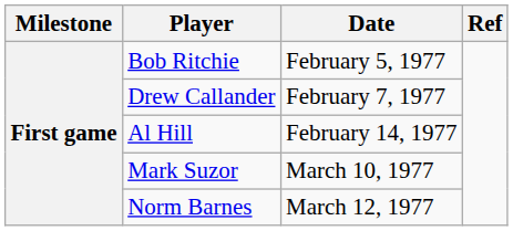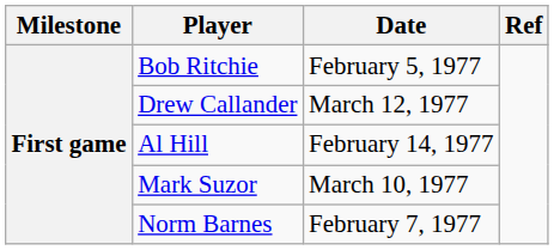 <table class="wikitable">
 <tr>
 <th scope="col">Milestone</th>
 <th scope="col">Player</th>
 <th scope="col">Date</th>
 <th scope="col">Ref</th>
 </tr>
 <tr>
 <th rowspan=5>First game</th>
 <td><a href='#'>Bob Ritchie</a></td>
 <td>February 5, 1977</td>
 <td rowspan=5></td>
 </tr>
 <tr>
 <td><a href='#'>Drew Callander</a></td>
-<td>February 7, 1977</td>
+<td>March 12, 1977</td>
 </tr>
 <tr>
 <td><a href='#'>Al Hill</a></td>
 <td>February 14, 1977</td>
 </tr>
 <tr>
 <td><a href='#'>Mark Suzor</a></td>
 <td>March 10, 1977</td>
 </tr>
 <tr>
 <td><a href='#'>Norm Barnes</a></td>
-<td>March 12, 1977</td>
+<td>February 7, 1977</td>
 </tr>
 </table>
